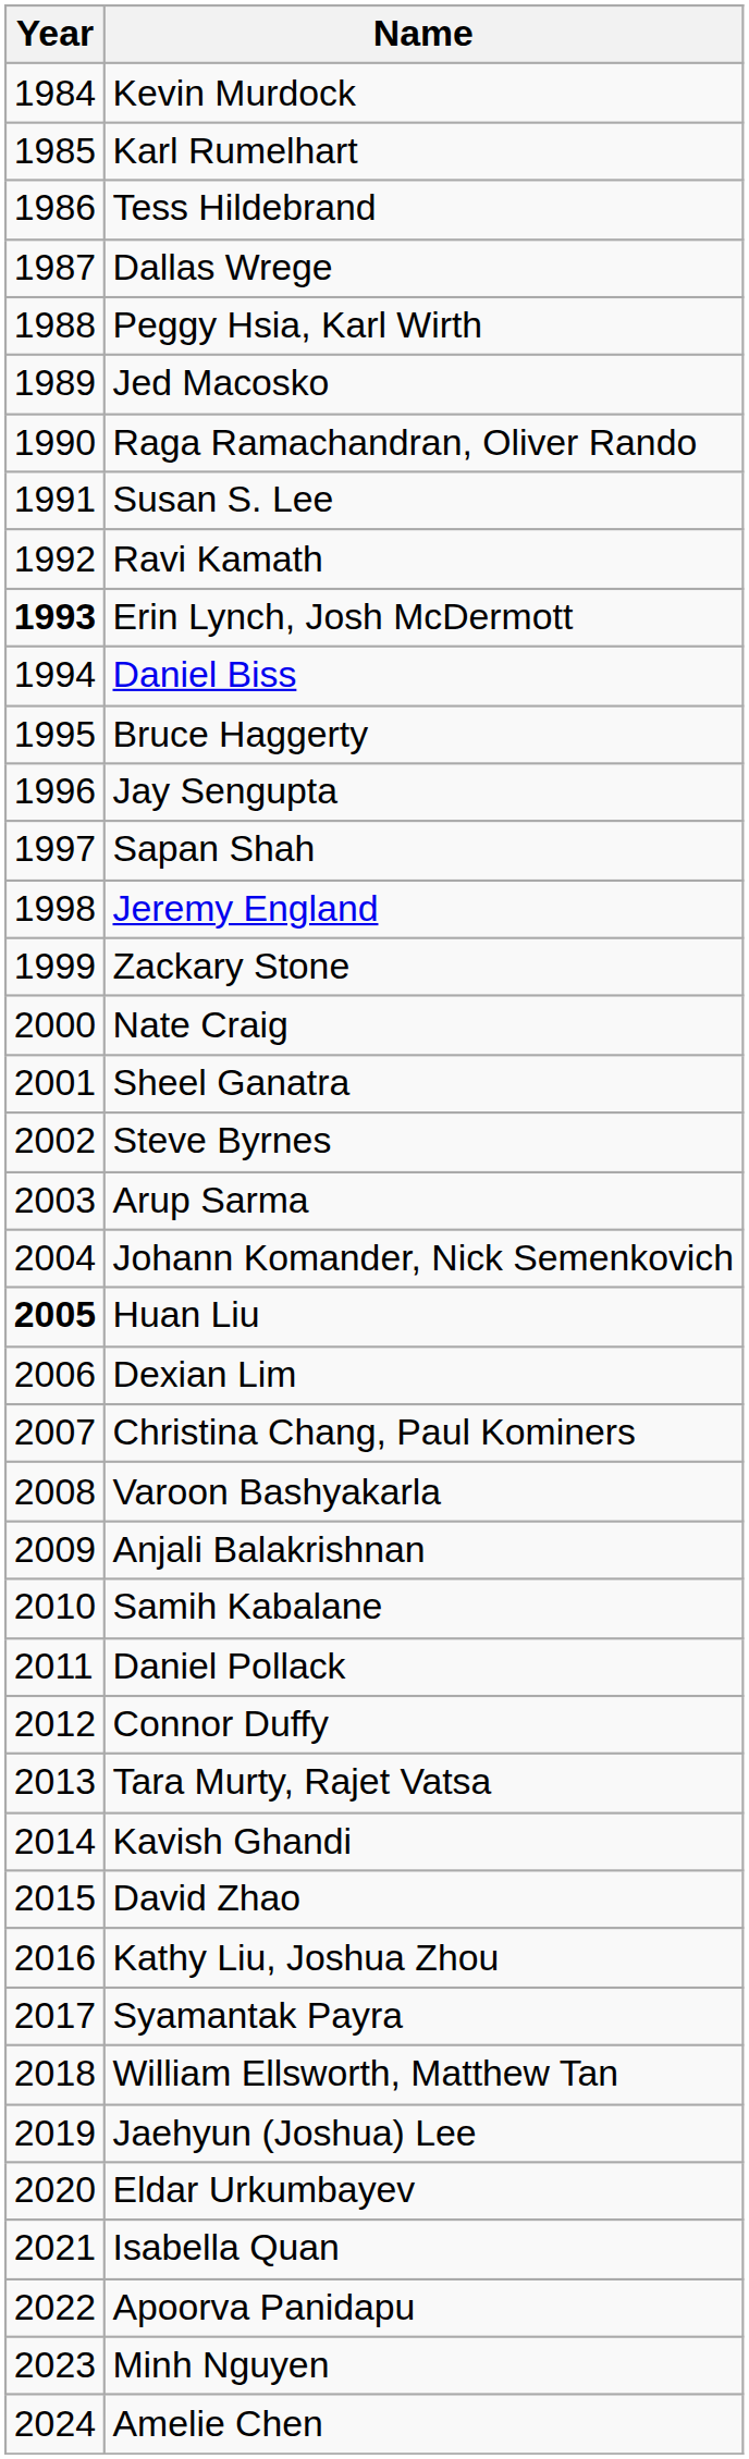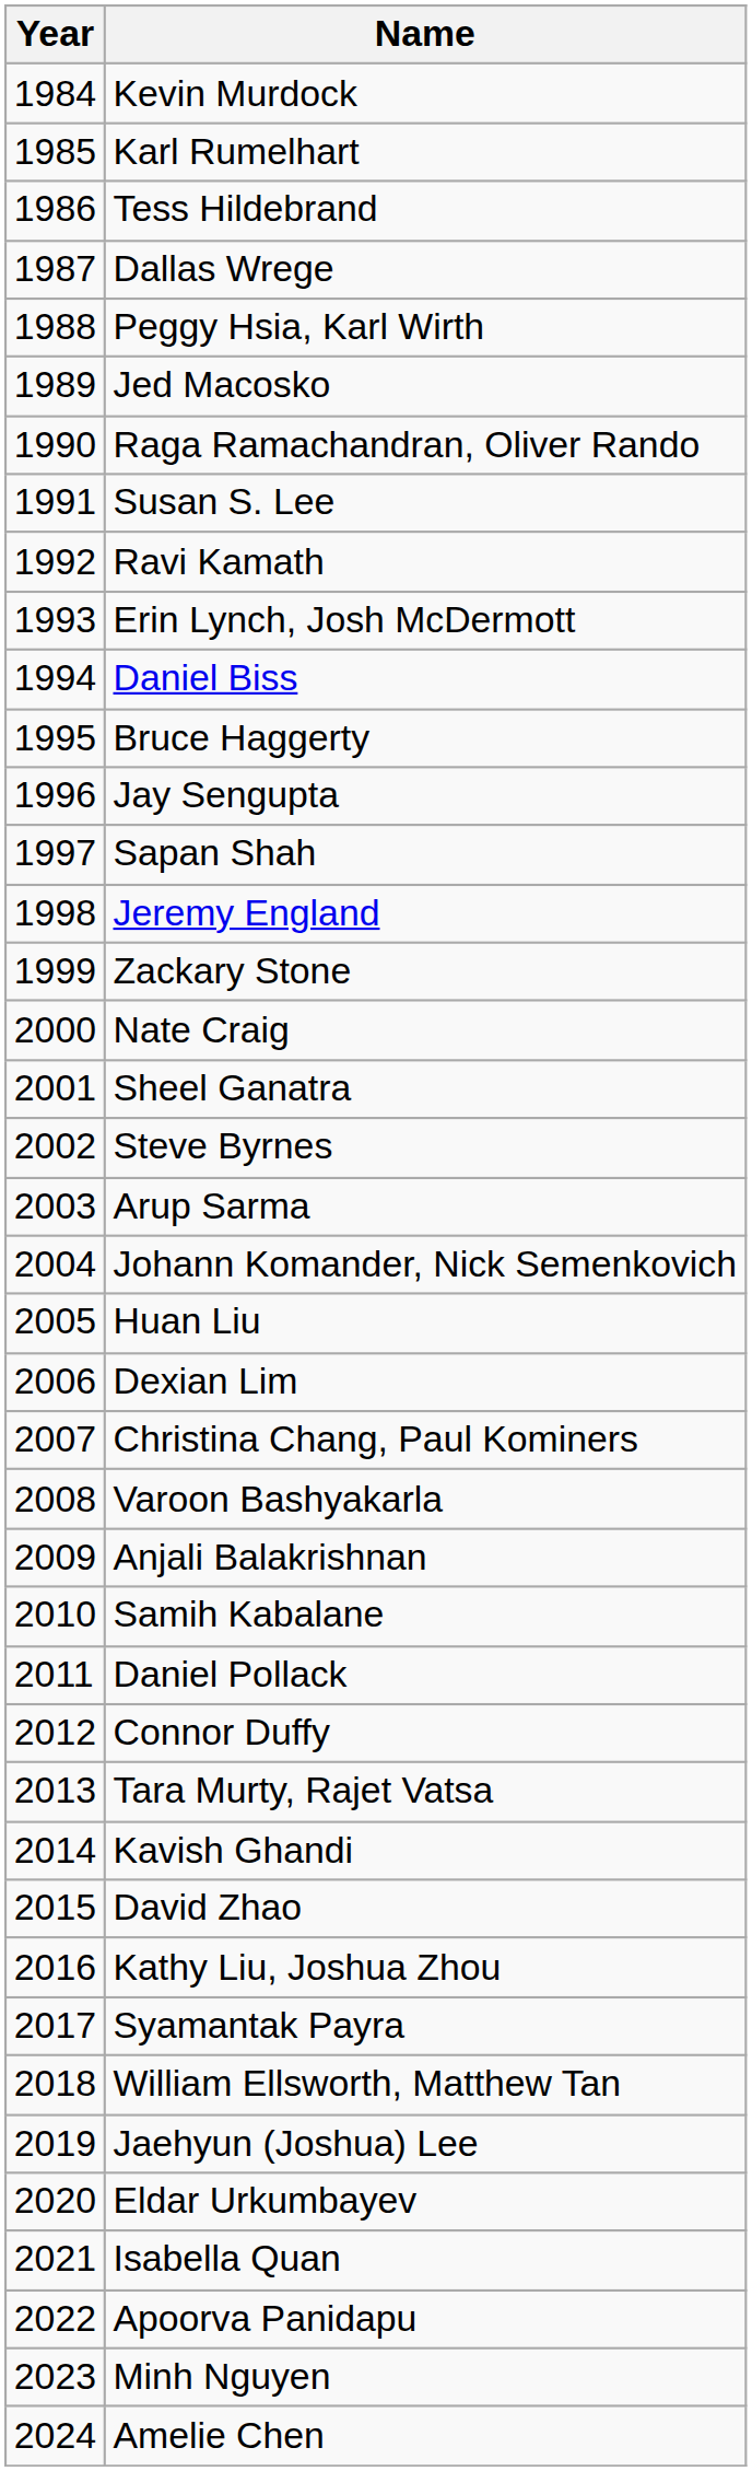 <table class="wikitable">
 <tr>
 <th>Year</th>
 <th>Name</th>
 </tr>
 <tr>
 <td>1984</td>
 <td>Kevin Murdock</td>
 </tr>
 <tr>
 <td>1985</td>
 <td>Karl Rumelhart</td>
 </tr>
 <tr>
 <td>1986</td>
 <td>Tess Hildebrand</td>
 </tr>
 <tr>
 <td>1987</td>
 <td>Dallas Wrege</td>
 </tr>
 <tr>
 <td>1988</td>
 <td>Peggy Hsia, Karl Wirth</td>
 </tr>
 <tr>
 <td>1989</td>
 <td>Jed Macosko</td>
 </tr>
 <tr>
 <td>1990</td>
 <td>Raga Ramachandran, Oliver Rando</td>
 </tr>
 <tr>
 <td>1991</td>
 <td>Susan S. Lee</td>
 </tr>
 <tr>
 <td>1992</td>
 <td>Ravi Kamath</td>
 </tr>
 <tr>
-<td><strong>1993</strong></td>
+<td>1993</td>
 <td>Erin Lynch, Josh McDermott</td>
 </tr>
 <tr>
 <td>1994</td>
 <td><a href='#'>Daniel Biss</a></td>
 </tr>
 <tr>
 <td>1995</td>
 <td>Bruce Haggerty</td>
 </tr>
 <tr>
 <td>1996</td>
 <td>Jay Sengupta</td>
 </tr>
 <tr>
 <td>1997</td>
 <td>Sapan Shah</td>
 </tr>
 <tr>
 <td>1998</td>
 <td><a href='#'>Jeremy England</a></td>
 </tr>
 <tr>
 <td>1999</td>
 <td>Zackary Stone</td>
 </tr>
 <tr>
 <td>2000</td>
 <td>Nate Craig</td>
 </tr>
 <tr>
 <td>2001</td>
 <td>Sheel Ganatra</td>
 </tr>
 <tr>
 <td>2002</td>
 <td>Steve Byrnes</td>
 </tr>
 <tr>
 <td>2003</td>
 <td>Arup Sarma</td>
 </tr>
 <tr>
 <td>2004</td>
 <td>Johann Komander, Nick Semenkovich</td>
 </tr>
 <tr>
-<td><strong>2005</strong></td>
+<td>2005</td>
 <td>Huan Liu</td>
 </tr>
 <tr>
 <td>2006</td>
 <td>Dexian Lim</td>
 </tr>
 <tr>
 <td>2007</td>
 <td>Christina Chang, Paul Kominers</td>
 </tr>
 <tr>
 <td>2008</td>
 <td>Varoon Bashyakarla</td>
 </tr>
 <tr>
 <td>2009</td>
 <td>Anjali Balakrishnan</td>
 </tr>
 <tr>
 <td>2010</td>
 <td>Samih Kabalane</td>
 </tr>
 <tr>
 <td>2011</td>
 <td>Daniel Pollack</td>
 </tr>
 <tr>
 <td>2012</td>
 <td>Connor Duffy</td>
 </tr>
 <tr>
 <td>2013</td>
 <td>Tara Murty, Rajet Vatsa</td>
 </tr>
 <tr>
 <td>2014</td>
 <td>Kavish Ghandi</td>
 </tr>
 <tr>
 <td>2015</td>
 <td>David Zhao</td>
 </tr>
 <tr>
 <td>2016</td>
 <td>Kathy Liu, Joshua Zhou</td>
 </tr>
 <tr>
 <td>2017</td>
 <td>Syamantak Payra</td>
 </tr>
 <tr>
 <td>2018</td>
 <td>William Ellsworth, Matthew Tan</td>
 </tr>
 <tr>
 <td>2019</td>
 <td>Jaehyun (Joshua) Lee</td>
 </tr>
 <tr>
 <td>2020</td>
 <td>Eldar Urkumbayev</td>
 </tr>
 <tr>
 <td>2021</td>
 <td>Isabella Quan</td>
 </tr>
 <tr>
 <td>2022</td>
 <td>Apoorva Panidapu</td>
 </tr>
 <tr>
 <td>2023</td>
 <td>Minh Nguyen</td>
 </tr>
 <tr>
 <td>2024</td>
 <td>Amelie Chen</td>
 </tr>
 </table>
